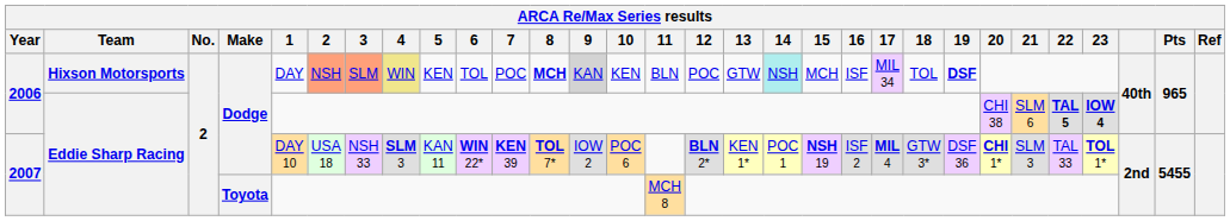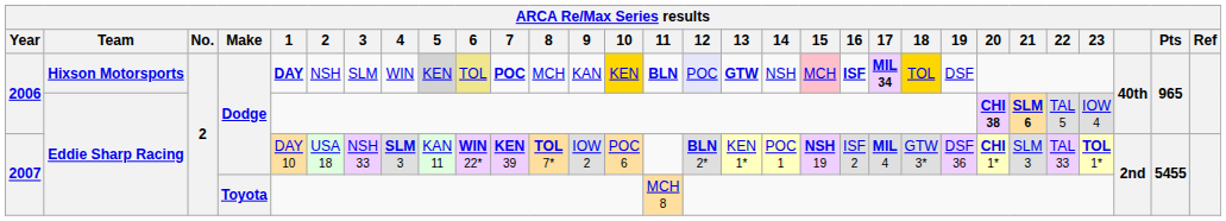 <table class="wikitable" style="text-align:center; font-size:75%">
 <tr>
 <th colspan=45><a href='#'>ARCA Re/Max Series</a> results</th>
 </tr>
 <tr>
 <th>Year</th>
 <th>Team</th>
 <th>No.</th>
 <th>Make</th>
 <th>1</th>
 <th>2</th>
 <th>3</th>
 <th>4</th>
 <th>5</th>
 <th>6</th>
 <th>7</th>
 <th>8</th>
 <th>9</th>
 <th>10</th>
 <th>11</th>
 <th>12</th>
 <th>13</th>
 <th>14</th>
 <th>15</th>
 <th>16</th>
 <th>17</th>
 <th>18</th>
 <th>19</th>
 <th>20</th>
 <th>21</th>
 <th>22</th>
 <th>23</th>
 <th></th>
 <th>Pts</th>
 <th>Ref</th>
 </tr>
 <tr>
 <th rowspan=2><a href='#'>2006</a></th>
 <th nowrap><a href='#'>Hixson Motorsports</a></th>
 <th rowspan=4>2</th>
 <th rowspan=3><a href='#'>Dodge</a></th>
-<td><a href='#'>DAY</a></td>
-<td style="background: lightsalmon;"><a href='#'>NSH</a></td>
-<td style="background: lightsalmon;"><a href='#'>SLM</a></td>
-<td style="background: khaki;"><a href='#'>WIN</a></td>
-<td><a href='#'>KEN</a></td>
-<td><a href='#'>TOL</a></td>
-<td><a href='#'>POC</a></td>
-<td><strong><a href='#'>MCH</a></strong></td>
-<td style="background: lightgrey;"><a href='#'>KAN</a></td>
-<td><a href='#'>KEN</a></td>
-<td><a href='#'>BLN</a></td>
-<td><a href='#'>POC</a></td>
-<td><a href='#'>GTW</a></td>
-<td style="background: paleturquoise;"><a href='#'>NSH</a></td>
+<td><strong><a href='#'>DAY</a></strong></td>
+<td><a href='#'>NSH</a></td>
+<td><a href='#'>SLM</a></td>
+<td><a href='#'>WIN</a></td>
+<td style="background: lightgrey;"><a href='#'>KEN</a></td>
+<td style="background: khaki;"><a href='#'>TOL</a></td>
+<td><strong><a href='#'>POC</a></strong></td>
 <td><a href='#'>MCH</a></td>
-<td><a href='#'>ISF</a></td>
-<td style="background:#EFCFFF;"><a href='#'>MIL</a><br><small>34</small></td>
-<td><a href='#'>TOL</a></td>
-<td><strong><a href='#'>DSF</a></strong></td>
+<td><a href='#'>KAN</a></td>
+<td style="background: gold;"><a href='#'>KEN</a></td>
+<td><strong><a href='#'>BLN</a></strong></td>
+<td style="background: lavender;"><a href='#'>POC</a></td>
+<td><strong><a href='#'>GTW</a></strong></td>
+<td><a href='#'>NSH</a></td>
+<td style="background: pink;"><a href='#'>MCH</a></td>
+<td><strong><a href='#'>ISF</a></strong></td>
+<td style="background:#EFCFFF;"><strong><a href='#'>MIL</a><br><small>34</small></strong></td>
+<td style="background: gold;"><a href='#'>TOL</a></td>
+<td><a href='#'>DSF</a></td>
 <td colspan=4></td>
 <th rowspan=2>40th</th>
 <th rowspan=2>965</th>
 <th rowspan=2></th>
 </tr>
 <tr>
 <th rowspan=3 nowrap><a href='#'>Eddie Sharp Racing</a></th>
 <td colspan=19></td>
-<td style="background:#EFCFFF;"><a href='#'>CHI</a><br><small>38</small></td>
-<td style="background:#FFDF9F;"><a href='#'>SLM</a><br><small>6</small></td>
-<td style="background:#DFDFDF;"><strong><a href='#'>TAL</a><br><small>5</small></strong></td>
-<td style="background:#DFDFDF;"><strong><a href='#'>IOW</a><br><small>4</small></strong></td>
+<td style="background:#EFCFFF;"><strong><a href='#'>CHI</a><br><small>38</small></strong></td>
+<td style="background:#FFDF9F;"><strong><a href='#'>SLM</a><br><small>6</small></strong></td>
+<td style="background:#DFDFDF;"><a href='#'>TAL</a><br><small>5</small></td>
+<td style="background:#DFDFDF;"><a href='#'>IOW</a><br><small>4</small></td>
 </tr>
 <tr>
 <th rowspan=2><a href='#'>2007</a></th>
 <td style="background:#FFDF9F;"><a href='#'>DAY</a><br><small>10</small></td>
 <td style="background:#DFFFDF;"><a href='#'>USA</a><br><small>18</small></td>
 <td style="background:#EFCFFF;"><a href='#'>NSH</a><br><small>33</small></td>
 <td style="background:#DFDFDF;"><strong><a href='#'>SLM</a></strong><br><small>3</small></td>
 <td style="background:#DFFFDF;"><a href='#'>KAN</a><br><small>11</small></td>
 <td style="background:#EFCFFF;"><strong><a href='#'>WIN</a></strong><br><small>22*</small></td>
 <td style="background:#EFCFFF;"><strong><a href='#'>KEN</a></strong><br><small>39</small></td>
 <td style="background:#FFDF9F;"><strong><a href='#'>TOL</a></strong><br><small>7*</small></td>
 <td style="background:#DFDFDF;"><a href='#'>IOW</a><br><small>2</small></td>
 <td style="background:#FFDF9F;"><a href='#'>POC</a><br><small>6</small></td>
 <td></td>
 <td style="background:#DFDFDF;"><strong><a href='#'>BLN</a></strong><br><small>2*</small></td>
 <td style="background:#FFFFBF;"><a href='#'>KEN</a><br><small>1*</small></td>
 <td style="background:#FFFFBF;"><a href='#'>POC</a><br><small>1</small></td>
 <td style="background:#EFCFFF;"><strong><a href='#'>NSH</a></strong><br><small>19</small></td>
 <td style="background:#DFDFDF;"><a href='#'>ISF</a><br><small>2</small></td>
 <td style="background:#DFDFDF;"><strong><a href='#'>MIL</a></strong><br><small>4</small></td>
 <td style="background:#DFDFDF;"><a href='#'>GTW</a><br><small>3*</small></td>
 <td style="background:#EFCFFF;"><a href='#'>DSF</a><br><small>36</small></td>
 <td style="background:#FFFFBF;"><strong><a href='#'>CHI</a></strong><br><small>1*</small></td>
 <td style="background:#DFDFDF;"><a href='#'>SLM</a><br><small>3</small></td>
 <td style="background:#EFCFFF;"><a href='#'>TAL</a><br><small>33</small></td>
 <td style="background:#FFFFBF;"><strong><a href='#'>TOL</a></strong><br><small>1*</small></td>
 <th rowspan=2>2nd</th>
 <th rowspan=2>5455</th>
 <th rowspan=2></th>
 </tr>
 <tr>
 <th><a href='#'>Toyota</a></th>
 <td colspan=10></td>
 <td style="background:#FFDF9F;"><a href='#'>MCH</a><br><small>8</small></td>
 <td colspan=12></td>
 </tr>
 </table>
